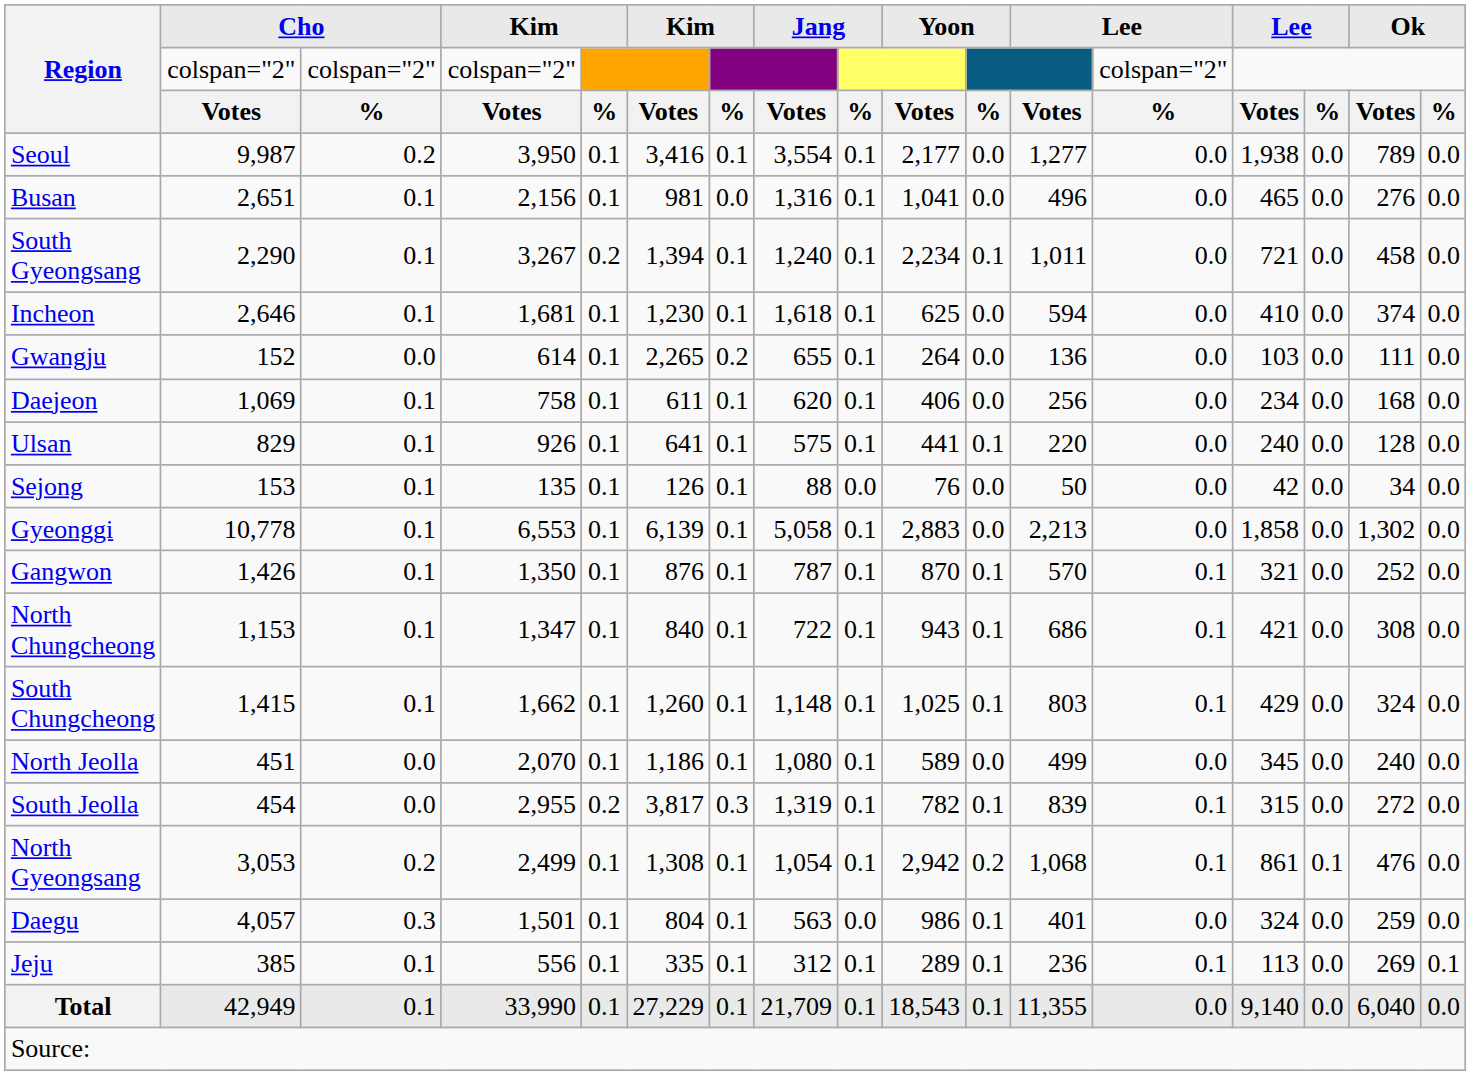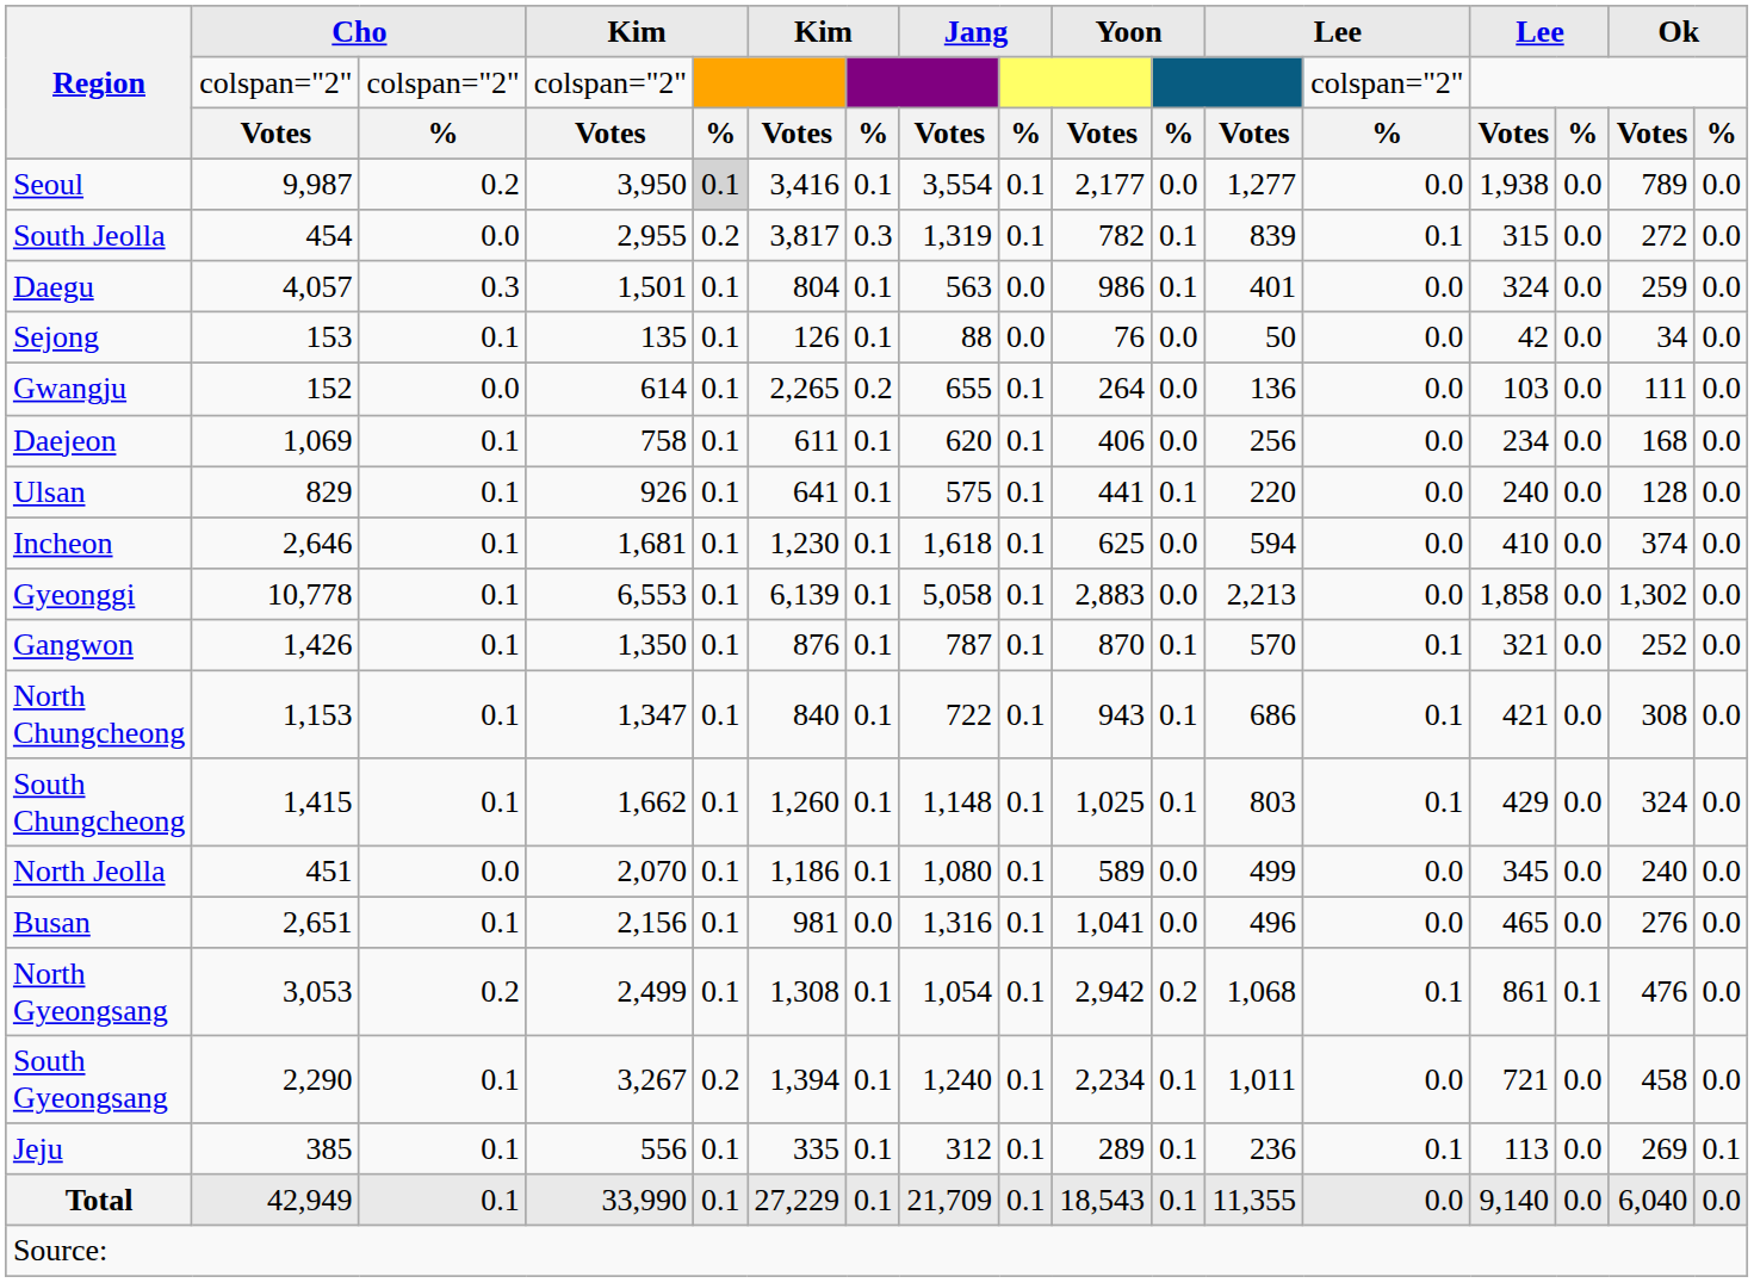 <table class="wikitable" style="text-align:right; font-size:95%">
 <tr>
 <th rowspan="3"><a href='#'>Region</a></th>
 <th colspan="2" style="text-align:center;background: #E9E9E9"><a href='#'>Cho<br></a></th>
 <th colspan="2" style="text-align:center;background: #E9E9E9">Kim<br></th>
 <th colspan="2" style="text-align:center;background: #E9E9E9">Kim<br></th>
 <th colspan="2" style="text-align:center;background: #E9E9E9"><a href='#'>Jang<br></a></th>
 <th colspan="2" style="text-align:center;background: #E9E9E9">Yoon<br></th>
 <th colspan="2" style="text-align:center;background: #E9E9E9">Lee<br></th>
 <th colspan="2" style="text-align:center;background: #E9E9E9"><a href='#'>Lee<br></a></th>
 <th colspan="2" style="text-align:center;background: #E9E9E9">Ok<br></th>
 </tr>
 <tr>
 <td>colspan="2" </td>
 <td>colspan="2" </td>
 <td>colspan="2" </td>
 <td colspan="2" bgcolor="#FFA500"></td>
 <td colspan="2" bgcolor="#800080"></td>
 <td colspan="2" bgcolor="#FFFF66"></td>
 <td colspan="2" bgcolor="#085c81"></td>
 <td>colspan="2" </td>
 </tr>
 <tr>
 <th width="50px">Votes</th>
 <th width="25px">%</th>
 <th width="50px">Votes</th>
 <th width="25px">%</th>
 <th width="50px">Votes</th>
 <th width="25px">%</th>
 <th width="50px">Votes</th>
 <th width="25px">%</th>
 <th width="50px">Votes</th>
 <th width="25px">%</th>
 <th width="50px">Votes</th>
 <th width="25px">%</th>
 <th width="50px">Votes</th>
 <th width="25px">%</th>
 <th width="50px">Votes</th>
 <th width="25px">%</th>
 </tr>
 <tr>
 <td align="left"><a href='#'>Seoul</a></td>
 <td>9,987</td>
 <td>0.2</td>
 <td>3,950</td>
-<td>0.1</td>
+<td style="background: lightgrey;">0.1</td>
 <td>3,416</td>
 <td>0.1</td>
 <td>3,554</td>
 <td>0.1</td>
 <td>2,177</td>
 <td>0.0</td>
 <td>1,277</td>
 <td>0.0</td>
 <td>1,938</td>
 <td>0.0</td>
 <td>789</td>
 <td>0.0</td>
 </tr>
 <tr>
-<td align="left"><a href='#'>Busan</a></td>
-<td>2,651</td>
+<td align="left"><a href='#'>South Jeolla</a></td>
+<td>454</td>
+<td>0.0</td>
+<td>2,955</td>
+<td>0.2</td>
+<td>3,817</td>
+<td>0.3</td>
+<td>1,319</td>
 <td>0.1</td>
-<td>2,156</td>
+<td>782</td>
 <td>0.1</td>
-<td>981</td>
+<td>839</td>
+<td>0.1</td>
+<td>315</td>
 <td>0.0</td>
-<td>1,316</td>
-<td>0.1</td>
-<td>1,041</td>
-<td>0.0</td>
-<td>496</td>
-<td>0.0</td>
-<td>465</td>
-<td>0.0</td>
-<td>276</td>
+<td>272</td>
 <td>0.0</td>
 </tr>
 <tr>
-<td align="left"><a href='#'>South Gyeongsang</a></td>
-<td>2,290</td>
+<td align="left"><a href='#'>Daegu</a></td>
+<td>4,057</td>
+<td>0.3</td>
+<td>1,501</td>
 <td>0.1</td>
-<td>3,267</td>
-<td>0.2</td>
-<td>1,394</td>
+<td>804</td>
 <td>0.1</td>
-<td>1,240</td>
+<td>563</td>
+<td>0.0</td>
+<td>986</td>
 <td>0.1</td>
-<td>2,234</td>
-<td>0.1</td>
-<td>1,011</td>
+<td>401</td>
 <td>0.0</td>
-<td>721</td>
+<td>324</td>
 <td>0.0</td>
-<td>458</td>
+<td>259</td>
 <td>0.0</td>
 </tr>
 <tr>
-<td align="left"><a href='#'>Incheon</a></td>
-<td>2,646</td>
+<td align="left"><a href='#'>Sejong</a></td>
+<td>153</td>
 <td>0.1</td>
-<td>1,681</td>
+<td>135</td>
 <td>0.1</td>
-<td>1,230</td>
+<td>126</td>
 <td>0.1</td>
-<td>1,618</td>
-<td>0.1</td>
-<td>625</td>
+<td>88</td>
 <td>0.0</td>
-<td>594</td>
+<td>76</td>
 <td>0.0</td>
-<td>410</td>
+<td>50</td>
 <td>0.0</td>
-<td>374</td>
+<td>42</td>
+<td>0.0</td>
+<td>34</td>
 <td>0.0</td>
 </tr>
 <tr>
 <td align="left"><a href='#'>Gwangju</a></td>
 <td>152</td>
 <td>0.0</td>
 <td>614</td>
 <td>0.1</td>
 <td>2,265</td>
 <td>0.2</td>
 <td>655</td>
 <td>0.1</td>
 <td>264</td>
 <td>0.0</td>
 <td>136</td>
 <td>0.0</td>
 <td>103</td>
 <td>0.0</td>
 <td>111</td>
 <td>0.0</td>
 </tr>
 <tr>
 <td align="left"><a href='#'>Daejeon</a></td>
 <td>1,069</td>
 <td>0.1</td>
 <td>758</td>
 <td>0.1</td>
 <td>611</td>
 <td>0.1</td>
 <td>620</td>
 <td>0.1</td>
 <td>406</td>
 <td>0.0</td>
 <td>256</td>
 <td>0.0</td>
 <td>234</td>
 <td>0.0</td>
 <td>168</td>
 <td>0.0</td>
 </tr>
 <tr>
 <td align="left"><a href='#'>Ulsan</a></td>
 <td>829</td>
 <td>0.1</td>
 <td>926</td>
 <td>0.1</td>
 <td>641</td>
 <td>0.1</td>
 <td>575</td>
 <td>0.1</td>
 <td>441</td>
 <td>0.1</td>
 <td>220</td>
 <td>0.0</td>
 <td>240</td>
 <td>0.0</td>
 <td>128</td>
 <td>0.0</td>
 </tr>
 <tr>
-<td align="left"><a href='#'>Sejong</a></td>
-<td>153</td>
+<td align="left"><a href='#'>Incheon</a></td>
+<td>2,646</td>
 <td>0.1</td>
-<td>135</td>
+<td>1,681</td>
 <td>0.1</td>
-<td>126</td>
+<td>1,230</td>
 <td>0.1</td>
-<td>88</td>
+<td>1,618</td>
+<td>0.1</td>
+<td>625</td>
 <td>0.0</td>
-<td>76</td>
+<td>594</td>
 <td>0.0</td>
-<td>50</td>
+<td>410</td>
 <td>0.0</td>
-<td>42</td>
-<td>0.0</td>
-<td>34</td>
+<td>374</td>
 <td>0.0</td>
 </tr>
 <tr>
 <td align="left"><a href='#'>Gyeonggi</a></td>
 <td>10,778</td>
 <td>0.1</td>
 <td>6,553</td>
 <td>0.1</td>
 <td>6,139</td>
 <td>0.1</td>
 <td>5,058</td>
 <td>0.1</td>
 <td>2,883</td>
 <td>0.0</td>
 <td>2,213</td>
 <td>0.0</td>
 <td>1,858</td>
 <td>0.0</td>
 <td>1,302</td>
 <td>0.0</td>
 </tr>
 <tr>
 <td align="left"><a href='#'>Gangwon</a></td>
 <td>1,426</td>
 <td>0.1</td>
 <td>1,350</td>
 <td>0.1</td>
 <td>876</td>
 <td>0.1</td>
 <td>787</td>
 <td>0.1</td>
 <td>870</td>
 <td>0.1</td>
 <td>570</td>
 <td>0.1</td>
 <td>321</td>
 <td>0.0</td>
 <td>252</td>
 <td>0.0</td>
 </tr>
 <tr>
 <td align="left"><a href='#'>North Chungcheong</a></td>
 <td>1,153</td>
 <td>0.1</td>
 <td>1,347</td>
 <td>0.1</td>
 <td>840</td>
 <td>0.1</td>
 <td>722</td>
 <td>0.1</td>
 <td>943</td>
 <td>0.1</td>
 <td>686</td>
 <td>0.1</td>
 <td>421</td>
 <td>0.0</td>
 <td>308</td>
 <td>0.0</td>
 </tr>
 <tr>
 <td align="left"><a href='#'>South Chungcheong</a></td>
 <td>1,415</td>
 <td>0.1</td>
 <td>1,662</td>
 <td>0.1</td>
 <td>1,260</td>
 <td>0.1</td>
 <td>1,148</td>
 <td>0.1</td>
 <td>1,025</td>
 <td>0.1</td>
 <td>803</td>
 <td>0.1</td>
 <td>429</td>
 <td>0.0</td>
 <td>324</td>
 <td>0.0</td>
 </tr>
 <tr>
 <td align="left"><a href='#'>North Jeolla</a></td>
 <td>451</td>
 <td>0.0</td>
 <td>2,070</td>
 <td>0.1</td>
 <td>1,186</td>
 <td>0.1</td>
 <td>1,080</td>
 <td>0.1</td>
 <td>589</td>
 <td>0.0</td>
 <td>499</td>
 <td>0.0</td>
 <td>345</td>
 <td>0.0</td>
 <td>240</td>
 <td>0.0</td>
 </tr>
 <tr>
-<td align="left"><a href='#'>South Jeolla</a></td>
-<td>454</td>
+<td align="left"><a href='#'>Busan</a></td>
+<td>2,651</td>
+<td>0.1</td>
+<td>2,156</td>
+<td>0.1</td>
+<td>981</td>
 <td>0.0</td>
-<td>2,955</td>
-<td>0.2</td>
-<td>3,817</td>
-<td>0.3</td>
-<td>1,319</td>
+<td>1,316</td>
 <td>0.1</td>
-<td>782</td>
-<td>0.1</td>
-<td>839</td>
-<td>0.1</td>
-<td>315</td>
+<td>1,041</td>
 <td>0.0</td>
-<td>272</td>
+<td>496</td>
+<td>0.0</td>
+<td>465</td>
+<td>0.0</td>
+<td>276</td>
 <td>0.0</td>
 </tr>
 <tr>
 <td align="left"><a href='#'>North Gyeongsang</a></td>
 <td>3,053</td>
 <td>0.2</td>
 <td>2,499</td>
 <td>0.1</td>
 <td>1,308</td>
 <td>0.1</td>
 <td>1,054</td>
 <td>0.1</td>
 <td>2,942</td>
 <td>0.2</td>
 <td>1,068</td>
 <td>0.1</td>
 <td>861</td>
 <td>0.1</td>
 <td>476</td>
 <td>0.0</td>
 </tr>
 <tr>
-<td align="left"><a href='#'>Daegu</a></td>
-<td>4,057</td>
-<td>0.3</td>
-<td>1,501</td>
+<td align="left"><a href='#'>South Gyeongsang</a></td>
+<td>2,290</td>
 <td>0.1</td>
-<td>804</td>
+<td>3,267</td>
+<td>0.2</td>
+<td>1,394</td>
 <td>0.1</td>
-<td>563</td>
+<td>1,240</td>
+<td>0.1</td>
+<td>2,234</td>
+<td>0.1</td>
+<td>1,011</td>
 <td>0.0</td>
-<td>986</td>
-<td>0.1</td>
-<td>401</td>
+<td>721</td>
 <td>0.0</td>
-<td>324</td>
-<td>0.0</td>
-<td>259</td>
+<td>458</td>
 <td>0.0</td>
 </tr>
 <tr>
 <td align="left"><a href='#'>Jeju</a></td>
 <td>385</td>
 <td>0.1</td>
 <td>556</td>
 <td>0.1</td>
 <td>335</td>
 <td>0.1</td>
 <td>312</td>
 <td>0.1</td>
 <td>289</td>
 <td>0.1</td>
 <td>236</td>
 <td>0.1</td>
 <td>113</td>
 <td>0.0</td>
 <td>269</td>
 <td>0.1</td>
 </tr>
 <tr style="background:#E9E9E9">
 <th align="left">Total</th>
 <td>42,949</td>
 <td>0.1</td>
 <td>33,990</td>
 <td>0.1</td>
 <td>27,229</td>
 <td>0.1</td>
 <td>21,709</td>
 <td>0.1</td>
 <td>18,543</td>
 <td>0.1</td>
 <td>11,355</td>
 <td>0.0</td>
 <td>9,140</td>
 <td>0.0</td>
 <td>6,040</td>
 <td>0.0</td>
 </tr>
 <tr>
 <td colspan="17" align="left">Source: </td>
 </tr>
 </table>
